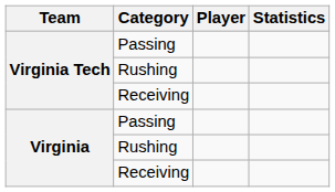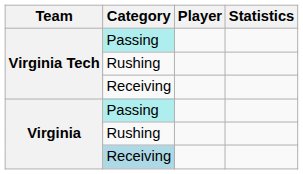 <table class="wikitable" style="float:right">
 <tr>
 <th>Team</th>
 <th>Category</th>
 <th>Player</th>
 <th>Statistics</th>
 </tr>
 <tr>
 <th rowspan=3>Virginia Tech</th>
-<td>Passing</td>
+<td style="background: paleturquoise;">Passing</td>
 <td></td>
 <td></td>
 </tr>
 <tr>
 <td>Rushing</td>
 <td></td>
 <td></td>
 </tr>
 <tr>
 <td>Receiving</td>
 <td></td>
 <td></td>
 </tr>
 <tr>
 <th rowspan=3>Virginia</th>
-<td>Passing</td>
+<td style="background: paleturquoise;">Passing</td>
 <td></td>
 <td></td>
 </tr>
 <tr>
 <td>Rushing</td>
 <td></td>
 <td></td>
 </tr>
 <tr>
-<td>Receiving</td>
+<td style="background: lightblue;">Receiving</td>
 <td></td>
 <td></td>
 </tr>
 </table>
